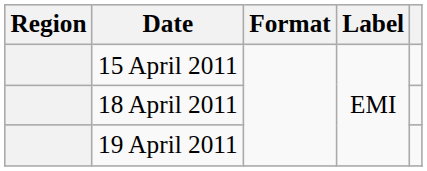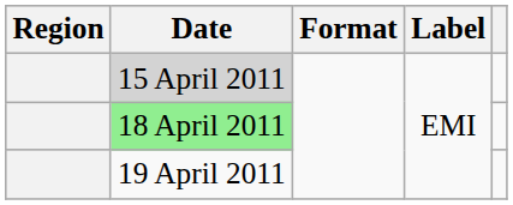 <table class="wikitable plainrowheaders" style="text-align:center">
 <tr>
 <th scope="col">Region</th>
 <th scope="col">Date</th>
 <th scope="col">Format</th>
 <th scope="col">Label</th>
 <th scope="col"></th>
 </tr>
 <tr>
 <th scope="row"></th>
-<td>15 April 2011</td>
+<td style="background: lightgrey;">15 April 2011</td>
 <td rowspan="3"></td>
 <td rowspan="3">EMI</td>
 <td></td>
 </tr>
 <tr>
 <th scope="row"></th>
-<td>18 April 2011</td>
+<td style="background: lightgreen;">18 April 2011</td>
 <td></td>
 </tr>
 <tr>
 <th scope="row"></th>
 <td>19 April 2011</td>
 <td></td>
 </tr>
 </table>
